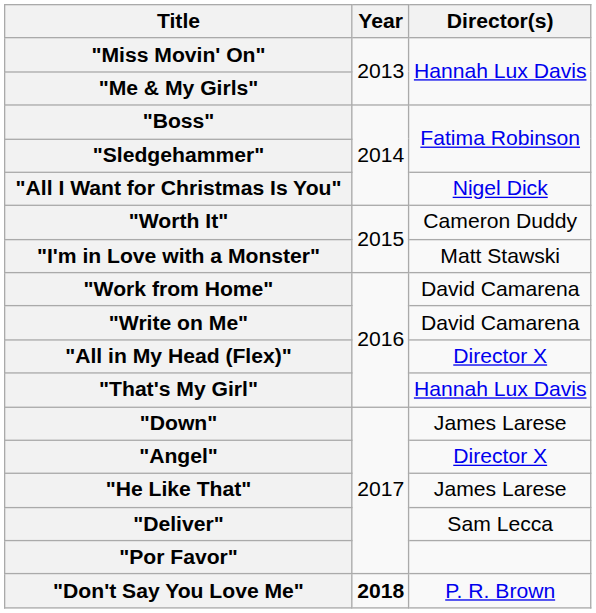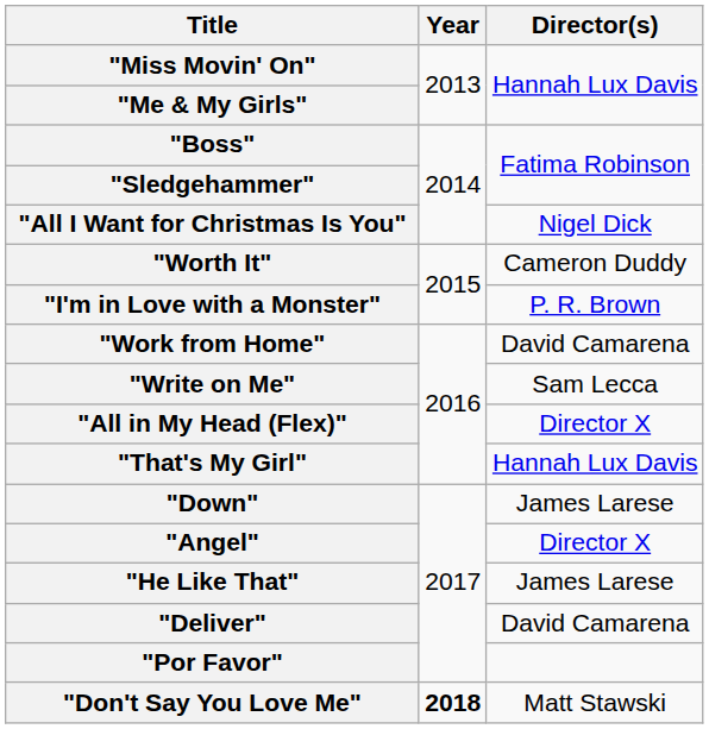 <table class="wikitable sortable plainrowheaders" style="text-align:center;">
 <tr>
 <th scope="col" style="width:16em;">Title</th>
 <th scope="col">Year</th>
 <th scope="col">Director(s)</th>
 </tr>
 <tr>
 <th scope="row">"Miss Movin' On"</th>
 <td rowspan="2">2013</td>
 <td rowspan="2"><a href='#'>Hannah Lux Davis</a></td>
 </tr>
 <tr>
 <th scope="row">"Me & My Girls"</th>
 </tr>
 <tr>
 <th scope="row">"Boss"</th>
 <td rowspan="3">2014</td>
 <td rowspan="2"><a href='#'>Fatima Robinson</a></td>
 </tr>
 <tr>
 <th scope="row">"Sledgehammer"</th>
 </tr>
 <tr>
 <th scope="row">"All I Want for Christmas Is You"</th>
 <td><a href='#'>Nigel Dick</a></td>
 </tr>
 <tr>
 <th scope="row">"Worth It"</th>
 <td rowspan="2">2015</td>
 <td>Cameron Duddy</td>
 </tr>
 <tr>
 <th scope="row">"I'm in Love with a Monster"</th>
-<td>Matt Stawski</td>
+<td><a href='#'>P. R. Brown</a></td>
 </tr>
 <tr>
 <th scope="row">"Work from Home"</th>
 <td rowspan="4">2016</td>
 <td>David Camarena</td>
 </tr>
 <tr>
 <th scope="row">"Write on Me"</th>
-<td>David Camarena</td>
+<td>Sam Lecca</td>
 </tr>
 <tr>
 <th scope="row">"All in My Head (Flex)"</th>
 <td><a href='#'>Director X</a></td>
 </tr>
 <tr>
 <th scope="row">"That's My Girl"</th>
 <td><a href='#'>Hannah Lux Davis</a></td>
 </tr>
 <tr>
 <th scope="row">"Down"</th>
 <td rowspan="5">2017</td>
 <td>James Larese</td>
 </tr>
 <tr>
 <th scope="row">"Angel"</th>
 <td><a href='#'>Director X</a></td>
 </tr>
 <tr>
 <th scope="row">"He Like That"</th>
 <td>James Larese</td>
 </tr>
 <tr>
 <th scope="row">"Deliver"</th>
-<td>Sam Lecca</td>
+<td>David Camarena</td>
 </tr>
 <tr>
 <th scope="row">"Por Favor"</th>
 <td></td>
 </tr>
 <tr>
 <th scope="row">"Don't Say You Love Me"</th>
 <td rowspan="1"><strong>2018</strong></td>
-<td><a href='#'>P. R. Brown</a></td>
+<td>Matt Stawski</td>
 </tr>
 </table>
